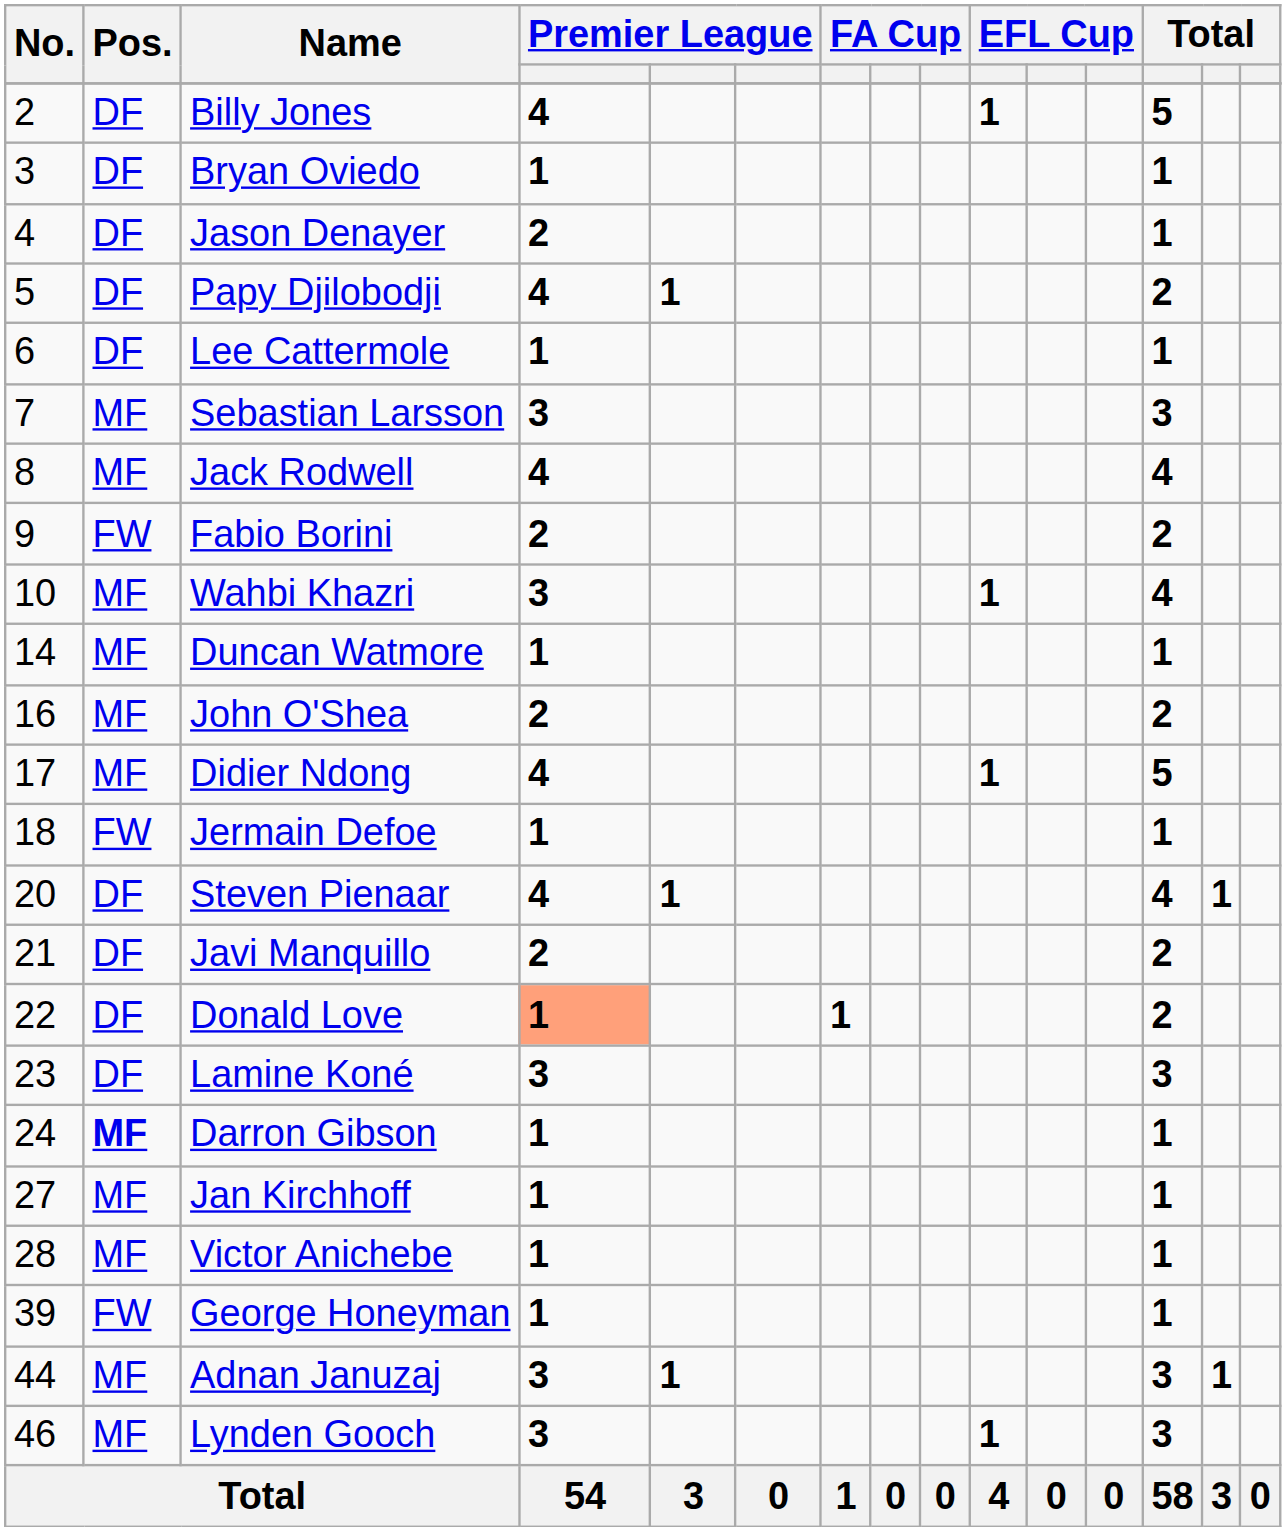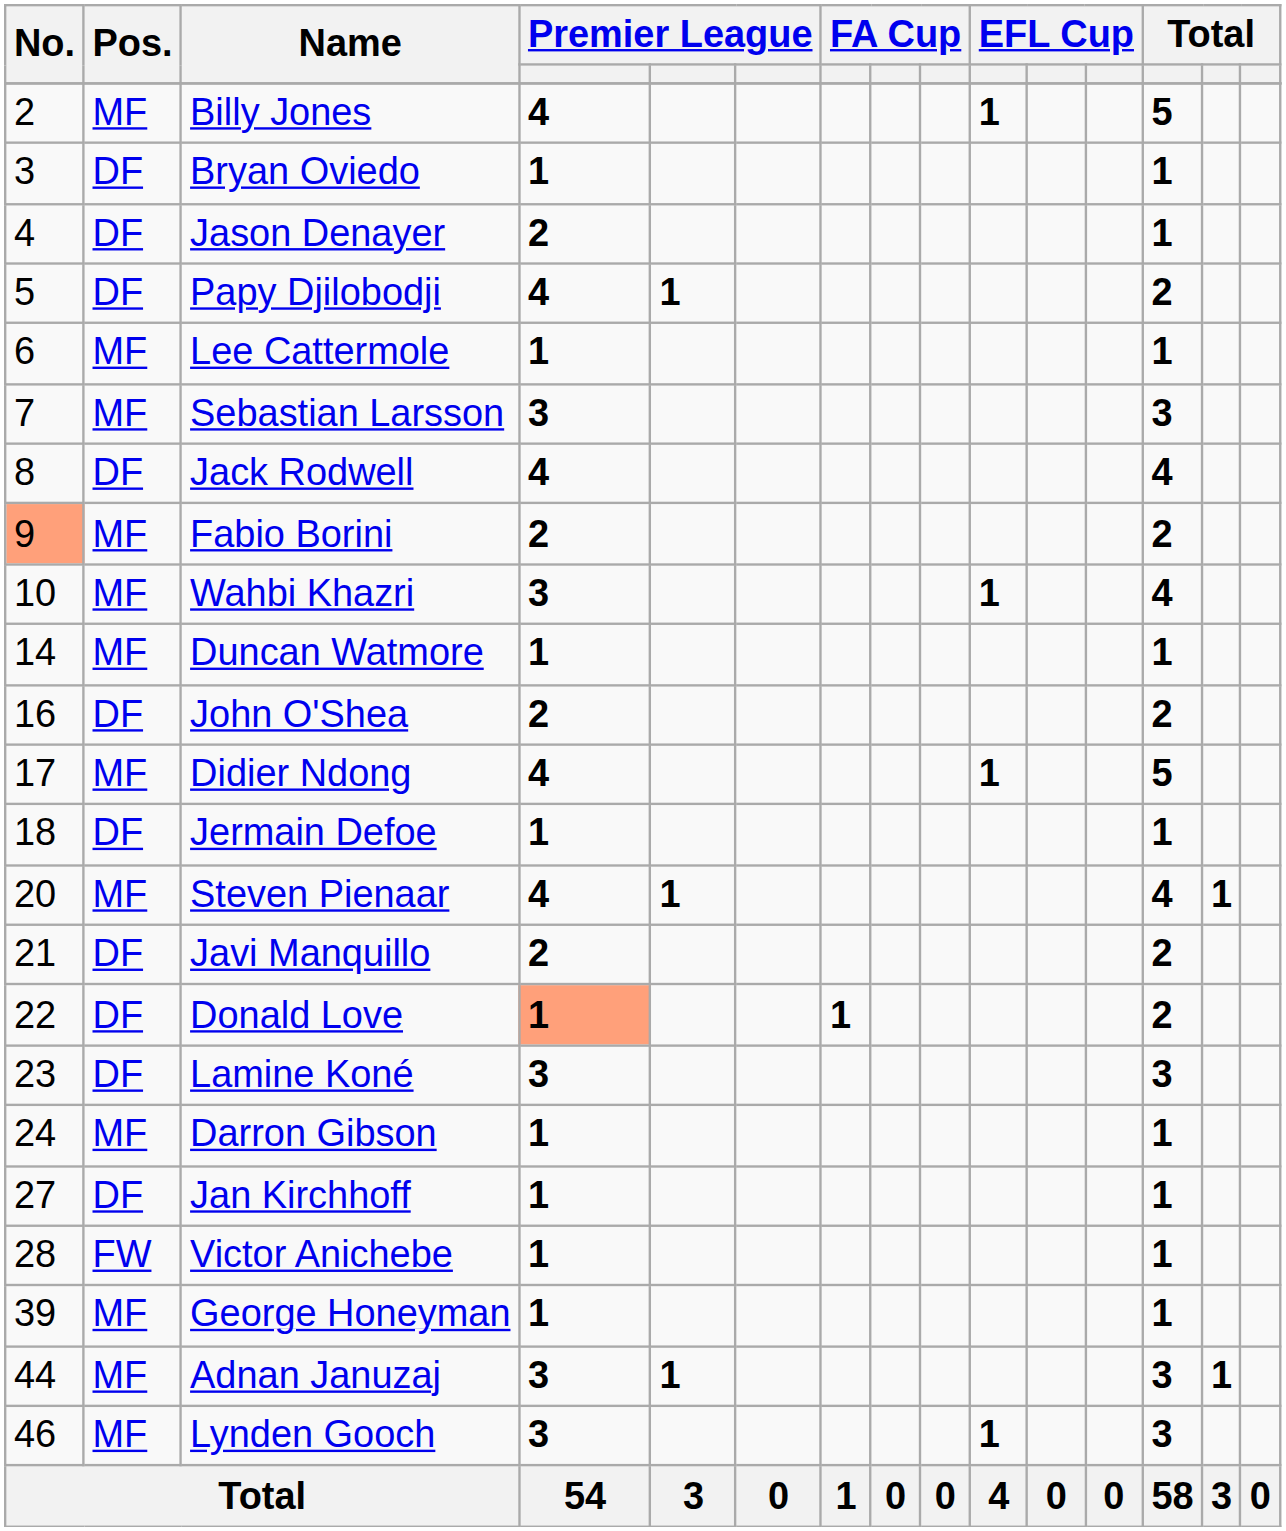 <table class="wikitable sortable" style="90% text-align: center">
 <tr>
 <th rowspan="2">No.</th>
 <th rowspan="2">Pos.</th>
 <th rowspan="2">Name</th>
 <th colspan="3"><a href='#'>Premier League</a></th>
 <th colspan="3"><a href='#'>FA Cup</a></th>
 <th colspan="3"><a href='#'>EFL Cup</a></th>
 <th colspan="3">Total</th>
 </tr>
 <tr>
 <th></th>
 <th></th>
 <th></th>
 <th></th>
 <th></th>
 <th></th>
 <th></th>
 <th></th>
 <th></th>
 <th></th>
 <th></th>
 <th></th>
 </tr>
 <tr>
 </tr>
 <tr>
 <td>2</td>
-<td><a href='#'>DF</a></td>
+<td><a href='#'>MF</a></td>
 <td><a href='#'>Billy Jones</a></td>
 <td><strong>4</strong></td>
 <td><strong></strong></td>
 <td><strong></strong></td>
 <td><strong></strong></td>
 <td><strong></strong></td>
 <td><strong></strong></td>
 <td><strong>1</strong></td>
 <td><strong></strong></td>
 <td><strong></strong></td>
 <td><strong>5</strong></td>
 <td><strong></strong></td>
 <td><strong> </strong></td>
 </tr>
 <tr>
 <td>3</td>
 <td><a href='#'>DF</a></td>
 <td><a href='#'>Bryan Oviedo</a></td>
 <td><strong>1</strong></td>
 <td><strong></strong></td>
 <td><strong></strong></td>
 <td><strong></strong></td>
 <td><strong></strong></td>
 <td><strong></strong></td>
 <td><strong></strong></td>
 <td><strong></strong></td>
 <td><strong></strong></td>
 <td><strong>1</strong></td>
 <td><strong></strong></td>
 <td><strong> </strong></td>
 </tr>
 <tr>
 <td>4</td>
 <td><a href='#'>DF</a></td>
 <td><a href='#'>Jason Denayer</a></td>
 <td><strong>2</strong></td>
 <td><strong></strong></td>
 <td><strong></strong></td>
 <td><strong></strong></td>
 <td><strong></strong></td>
 <td><strong></strong></td>
 <td><strong></strong></td>
 <td><strong></strong></td>
 <td><strong></strong></td>
 <td><strong>1</strong></td>
 <td><strong></strong></td>
 <td><strong> </strong></td>
 </tr>
 <tr>
 <td>5</td>
 <td><a href='#'>DF</a></td>
 <td><a href='#'>Papy Djilobodji</a></td>
 <td><strong>4</strong></td>
 <td><strong>1</strong></td>
 <td><strong></strong></td>
 <td><strong></strong></td>
 <td><strong></strong></td>
 <td><strong></strong></td>
 <td><strong></strong></td>
 <td><strong></strong></td>
 <td><strong></strong></td>
 <td><strong>2</strong></td>
 <td><strong></strong></td>
 <td><strong> </strong></td>
 </tr>
 <tr>
 <td>6</td>
-<td><a href='#'>DF</a></td>
+<td><a href='#'>MF</a></td>
 <td><a href='#'>Lee Cattermole</a></td>
 <td><strong>1</strong></td>
 <td><strong></strong></td>
 <td><strong></strong></td>
 <td><strong></strong></td>
 <td><strong></strong></td>
 <td><strong></strong></td>
 <td><strong></strong></td>
 <td><strong></strong></td>
 <td><strong></strong></td>
 <td><strong>1</strong></td>
 <td><strong></strong></td>
 <td><strong> </strong></td>
 </tr>
 <tr>
 <td>7</td>
 <td><a href='#'>MF</a></td>
 <td><a href='#'>Sebastian Larsson</a></td>
 <td><strong>3</strong></td>
 <td><strong></strong></td>
 <td><strong></strong></td>
 <td><strong></strong></td>
 <td><strong></strong></td>
 <td><strong></strong></td>
 <td><strong></strong></td>
 <td><strong></strong></td>
 <td><strong></strong></td>
 <td><strong>3</strong></td>
 <td><strong></strong></td>
 <td><strong> </strong></td>
 </tr>
 <tr>
 <td>8</td>
-<td><a href='#'>MF</a></td>
+<td><a href='#'>DF</a></td>
 <td><a href='#'>Jack Rodwell</a></td>
 <td><strong>4</strong></td>
 <td><strong></strong></td>
 <td><strong></strong></td>
 <td><strong></strong></td>
 <td><strong></strong></td>
 <td><strong></strong></td>
 <td><strong></strong></td>
 <td><strong></strong></td>
 <td><strong></strong></td>
 <td><strong>4</strong></td>
 <td><strong></strong></td>
 <td><strong> </strong></td>
 </tr>
 <tr>
-<td>9</td>
-<td><a href='#'>FW</a></td>
+<td style="background: lightsalmon;">9</td>
+<td><a href='#'>MF</a></td>
 <td><a href='#'>Fabio Borini</a></td>
 <td><strong>2</strong></td>
 <td><strong></strong></td>
 <td><strong></strong></td>
 <td><strong></strong></td>
 <td><strong></strong></td>
 <td><strong></strong></td>
 <td><strong></strong></td>
 <td><strong></strong></td>
 <td><strong></strong></td>
 <td><strong>2</strong></td>
 <td><strong></strong></td>
 <td><strong> </strong></td>
 </tr>
 <tr>
 <td>10</td>
 <td><a href='#'>MF</a></td>
 <td><a href='#'>Wahbi Khazri</a></td>
 <td><strong>3</strong></td>
 <td><strong></strong></td>
 <td><strong></strong></td>
 <td><strong></strong></td>
 <td><strong></strong></td>
 <td><strong></strong></td>
 <td><strong>1</strong></td>
 <td><strong></strong></td>
 <td><strong></strong></td>
 <td><strong>4</strong></td>
 <td><strong></strong></td>
 <td><strong> </strong></td>
 </tr>
 <tr>
 <td>14</td>
 <td><a href='#'>MF</a></td>
 <td><a href='#'>Duncan Watmore</a></td>
 <td><strong>1</strong></td>
 <td><strong></strong></td>
 <td><strong></strong></td>
 <td><strong></strong></td>
 <td><strong></strong></td>
 <td><strong></strong></td>
 <td><strong></strong></td>
 <td><strong></strong></td>
 <td><strong></strong></td>
 <td><strong>1</strong></td>
 <td><strong></strong></td>
 <td><strong> </strong></td>
 </tr>
 <tr>
 <td>16</td>
-<td><a href='#'>MF</a></td>
+<td><a href='#'>DF</a></td>
 <td><a href='#'>John O'Shea</a></td>
 <td><strong>2</strong></td>
 <td><strong></strong></td>
 <td><strong></strong></td>
 <td><strong></strong></td>
 <td><strong></strong></td>
 <td><strong></strong></td>
 <td><strong></strong></td>
 <td><strong></strong></td>
 <td><strong></strong></td>
 <td><strong>2</strong></td>
 <td><strong></strong></td>
 <td><strong> </strong></td>
 </tr>
 <tr>
 <td>17</td>
 <td><a href='#'>MF</a></td>
 <td><a href='#'>Didier Ndong</a></td>
 <td><strong>4</strong></td>
 <td><strong></strong></td>
 <td><strong></strong></td>
 <td><strong></strong></td>
 <td><strong></strong></td>
 <td><strong></strong></td>
 <td><strong>1</strong></td>
 <td><strong></strong></td>
 <td><strong></strong></td>
 <td><strong>5</strong></td>
 <td><strong></strong></td>
 <td><strong> </strong></td>
 </tr>
 <tr>
 <td>18</td>
-<td><a href='#'>FW</a></td>
+<td><a href='#'>DF</a></td>
 <td><a href='#'>Jermain Defoe</a></td>
 <td><strong>1</strong></td>
 <td><strong></strong></td>
 <td><strong></strong></td>
 <td><strong></strong></td>
 <td><strong></strong></td>
 <td><strong></strong></td>
 <td><strong></strong></td>
 <td><strong></strong></td>
 <td><strong></strong></td>
 <td><strong>1</strong></td>
 <td><strong></strong></td>
 <td><strong> </strong></td>
 </tr>
 <tr>
 <td>20</td>
-<td><a href='#'>DF</a></td>
+<td><a href='#'>MF</a></td>
 <td><a href='#'>Steven Pienaar</a></td>
 <td><strong>4</strong></td>
 <td><strong>1</strong></td>
 <td><strong></strong></td>
 <td><strong></strong></td>
 <td><strong></strong></td>
 <td><strong></strong></td>
 <td><strong></strong></td>
 <td><strong></strong></td>
 <td><strong></strong></td>
 <td><strong>4</strong></td>
 <td><strong>1</strong></td>
 <td><strong> </strong></td>
 </tr>
 <tr>
 <td>21</td>
 <td><a href='#'>DF</a></td>
 <td><a href='#'>Javi Manquillo</a></td>
 <td><strong>2</strong></td>
 <td><strong></strong></td>
 <td><strong></strong></td>
 <td><strong></strong></td>
 <td><strong></strong></td>
 <td><strong></strong></td>
 <td><strong></strong></td>
 <td><strong></strong></td>
 <td><strong></strong></td>
 <td><strong>2</strong></td>
 <td><strong></strong></td>
 <td><strong> </strong></td>
 </tr>
 <tr>
 <td>22</td>
 <td><a href='#'>DF</a></td>
 <td><a href='#'>Donald Love</a></td>
 <td style="background: lightsalmon;"><strong>1</strong></td>
 <td><strong></strong></td>
 <td><strong></strong></td>
 <td><strong>1</strong></td>
 <td><strong></strong></td>
 <td><strong></strong></td>
 <td><strong></strong></td>
 <td><strong></strong></td>
 <td><strong></strong></td>
 <td><strong>2</strong></td>
 <td><strong></strong></td>
 <td><strong> </strong></td>
 </tr>
 <tr>
 <td>23</td>
 <td><a href='#'>DF</a></td>
 <td><a href='#'>Lamine Koné</a></td>
 <td><strong>3</strong></td>
 <td><strong></strong></td>
 <td><strong></strong></td>
 <td><strong></strong></td>
 <td><strong></strong></td>
 <td><strong></strong></td>
 <td><strong></strong></td>
 <td><strong></strong></td>
 <td><strong></strong></td>
 <td><strong>3</strong></td>
 <td><strong></strong></td>
 <td><strong> </strong></td>
 </tr>
 <tr>
 <td>24</td>
-<td><strong><a href='#'>MF</a></strong></td>
+<td><a href='#'>MF</a></td>
 <td><a href='#'>Darron Gibson</a></td>
 <td><strong>1</strong></td>
 <td><strong></strong></td>
 <td><strong></strong></td>
 <td><strong></strong></td>
 <td><strong></strong></td>
 <td><strong></strong></td>
 <td><strong></strong></td>
 <td><strong></strong></td>
 <td><strong></strong></td>
 <td><strong>1</strong></td>
 <td><strong></strong></td>
 <td><strong> </strong></td>
 </tr>
 <tr>
 <td>27</td>
-<td><a href='#'>MF</a></td>
+<td><a href='#'>DF</a></td>
 <td><a href='#'>Jan Kirchhoff</a></td>
 <td><strong>1</strong></td>
 <td><strong></strong></td>
 <td><strong></strong></td>
 <td><strong></strong></td>
 <td><strong></strong></td>
 <td><strong></strong></td>
 <td><strong></strong></td>
 <td><strong></strong></td>
 <td><strong></strong></td>
 <td><strong>1</strong></td>
 <td><strong></strong></td>
 <td><strong> </strong></td>
 </tr>
 <tr>
 <td>28</td>
-<td><a href='#'>MF</a></td>
+<td><a href='#'>FW</a></td>
 <td><a href='#'>Victor Anichebe</a></td>
 <td><strong>1</strong></td>
 <td><strong></strong></td>
 <td><strong></strong></td>
 <td><strong></strong></td>
 <td><strong></strong></td>
 <td><strong></strong></td>
 <td><strong></strong></td>
 <td><strong></strong></td>
 <td><strong></strong></td>
 <td><strong>1</strong></td>
 <td><strong></strong></td>
 <td><strong> </strong></td>
 </tr>
 <tr>
 <td>39</td>
-<td><a href='#'>FW</a></td>
+<td><a href='#'>MF</a></td>
 <td><a href='#'>George Honeyman</a></td>
 <td><strong>1</strong></td>
 <td><strong></strong></td>
 <td><strong></strong></td>
 <td><strong></strong></td>
 <td><strong></strong></td>
 <td><strong></strong></td>
 <td><strong></strong></td>
 <td><strong></strong></td>
 <td><strong></strong></td>
 <td><strong>1</strong></td>
 <td><strong></strong></td>
 <td><strong> </strong></td>
 </tr>
 <tr>
 <td>44</td>
 <td><a href='#'>MF</a></td>
 <td><a href='#'>Adnan Januzaj</a></td>
 <td><strong>3</strong></td>
 <td><strong> 1</strong></td>
 <td><strong></strong></td>
 <td><strong></strong></td>
 <td><strong></strong></td>
 <td><strong></strong></td>
 <td><strong></strong></td>
 <td><strong></strong></td>
 <td><strong></strong></td>
 <td><strong>3</strong></td>
 <td><strong> 1</strong></td>
 <td><strong> </strong></td>
 </tr>
 <tr>
 <td>46</td>
 <td><a href='#'>MF</a></td>
 <td><a href='#'>Lynden Gooch</a></td>
 <td><strong>3</strong></td>
 <td><strong></strong></td>
 <td><strong></strong></td>
 <td><strong></strong></td>
 <td><strong></strong></td>
 <td><strong></strong></td>
 <td><strong>1</strong></td>
 <td><strong></strong></td>
 <td><strong></strong></td>
 <td><strong>3</strong></td>
 <td><strong></strong></td>
 <td><strong> </strong></td>
 </tr>
 <tr>
 <th colspan=3>Total</th>
 <th>54</th>
 <th>3</th>
 <th>0</th>
 <th>1</th>
 <th>0</th>
 <th>0</th>
 <th>4</th>
 <th>0</th>
 <th>0</th>
 <th>58</th>
 <th>3</th>
 <th>0</th>
 </tr>
 </table>
